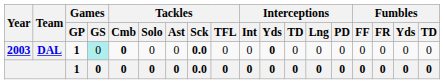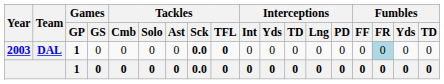 <table class="wikitable" style="text-align:center">
 <tr>
 <th rowspan="2">Year</th>
 <th rowspan="2">Team</th>
 <th colspan="2">Games</th>
 <th colspan="5">Tackles</th>
 <th colspan="5">Interceptions</th>
 <th colspan="4">Fumbles</th>
 </tr>
 <tr>
 <th>GP</th>
 <th>GS</th>
 <th>Cmb</th>
 <th>Solo</th>
 <th>Ast</th>
 <th>Sck</th>
 <th>TFL</th>
 <th>Int</th>
 <th>Yds</th>
 <th>TD</th>
 <th>Lng</th>
 <th>PD</th>
 <th>FF</th>
 <th>FR</th>
 <th>Yds</th>
 <th>TD</th>
 </tr>
 <tr>
 <th><a href='#'>2003</a></th>
 <th><a href='#'>DAL</a></th>
 <td><strong>1</strong></td>
-<td style="background: paleturquoise;">0</td>
-<td><strong>0</strong></td>
+<td>0</td>
+<td>0</td>
 <td>0</td>
 <td>0</td>
 <td><strong>0.0</strong></td>
-<td>0</td>
-<td>0</td>
 <td><strong>0</strong></td>
 <td>0</td>
 <td>0</td>
 <td>0</td>
 <td>0</td>
 <td>0</td>
+<td>0</td>
+<td style="background: lightblue;">0</td>
 <td>0</td>
 <td>0</td>
 </tr>
 <tr>
 <th colspan="2"></th>
 <th>1</th>
 <th>0</th>
 <th>0</th>
 <th>0</th>
 <th>0</th>
 <th>0.0</th>
 <th>0</th>
 <th>0</th>
 <th>0</th>
 <th>0</th>
 <th>0</th>
 <th>0</th>
 <th>0</th>
 <th>0</th>
 <th>0</th>
 <th>0</th>
 </tr>
 </table>
